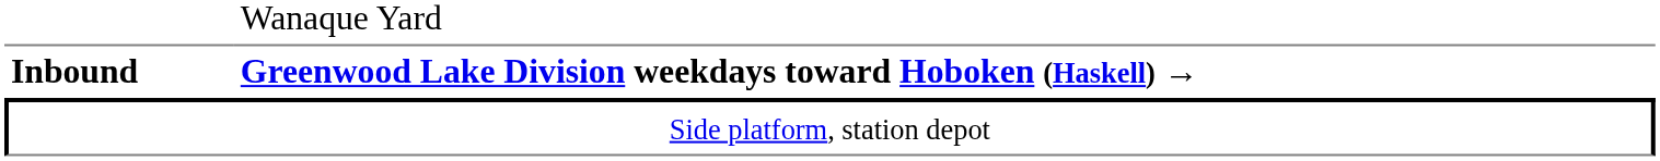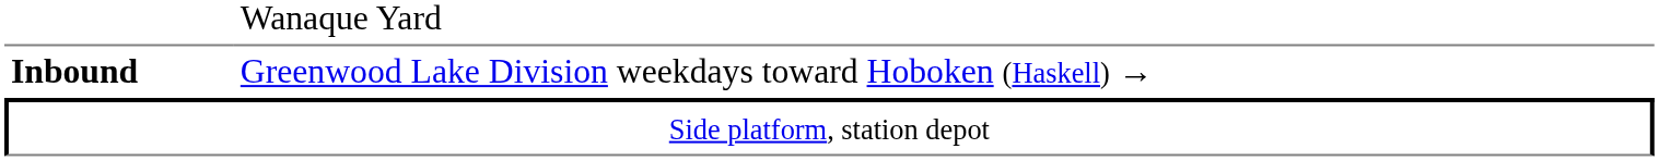 <table cellspacing=0 cellpadding=3>
 <tr>
 <td style="border-bottom:solid 1px gray;"></td>
 <td style="border-bottom:solid 1px gray;">Wanaque Yard</td>
 </tr>
 <tr>
 <td width=100><strong>Inbound</strong></td>
-<td width=650><strong> <a href='#'>Greenwood Lake Division</a> weekdays toward <a href='#'>Hoboken</a> <small>(<a href='#'>Haskell</a>)</small> →</strong></td>
+<td width=650> <a href='#'>Greenwood Lake Division</a> weekdays toward <a href='#'>Hoboken</a> <small>(<a href='#'>Haskell</a>)</small> →</td>
 </tr>
 <tr>
 <td style="border-bottom:solid 1px gray;border-right:solid 2px black;border-left:solid 2px black;border-top:solid 2px black;text-align:center;" colspan=2><small><a href='#'>Side platform</a>, station depot</small></td>
 </tr>
 </table>
